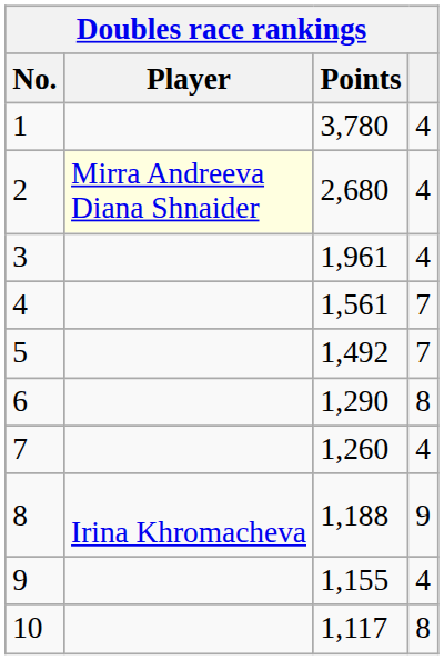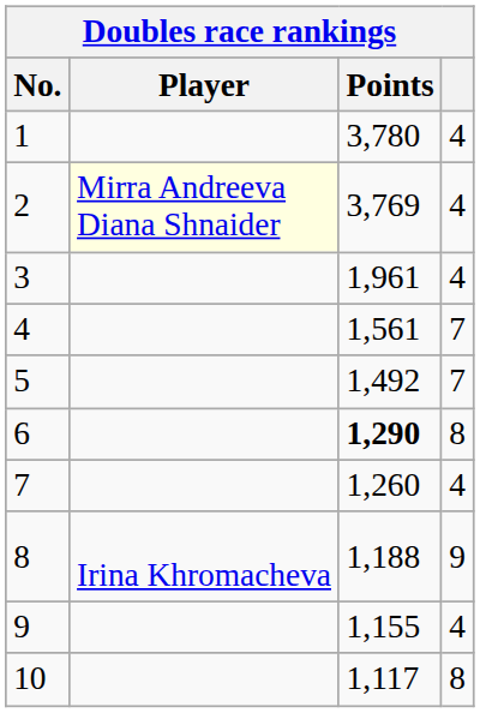 <table class="wikitable nowrap defaultcenter col2left" style="display:inline-table">
 <tr>
 <th scope="col" colspan=4><a href='#'>Doubles race rankings</a> </th>
 </tr>
 <tr>
 <th scope="col">No.</th>
 <th scope="col">Player</th>
 <th scope="col">Points</th>
 <th scope="col"></th>
 </tr>
 <tr>
 <td>1</td>
 <td> <br> </td>
 <td>3,780</td>
 <td>4</td>
 </tr>
 <tr>
 <td>2</td>
 <td style="background: lightyellow;"> <a href='#'>Mirra Andreeva</a> <br>  <a href='#'>Diana Shnaider</a></td>
-<td>2,680</td>
+<td>3,769</td>
 <td>4</td>
 </tr>
 <tr>
 <td>3</td>
 <td> <br> </td>
 <td>1,961</td>
 <td>4</td>
 </tr>
 <tr>
 <td>4</td>
 <td> <br> </td>
 <td>1,561</td>
 <td>7</td>
 </tr>
 <tr>
 <td>5</td>
 <td> <br> </td>
 <td>1,492</td>
 <td>7</td>
 </tr>
 <tr>
 <td>6</td>
 <td> <br> </td>
-<td>1,290</td>
+<td><strong>1,290</strong></td>
 <td>8</td>
 </tr>
 <tr>
 <td>7</td>
 <td> <br> </td>
 <td>1,260</td>
 <td>4</td>
 </tr>
 <tr>
 <td>8</td>
 <td> <br>  <a href='#'>Irina Khromacheva</a></td>
 <td>1,188</td>
 <td>9</td>
 </tr>
 <tr>
 <td>9</td>
 <td> <br> </td>
 <td>1,155</td>
 <td>4</td>
 </tr>
 <tr>
 <td>10</td>
 <td> <br> </td>
 <td>1,117</td>
 <td>8</td>
 </tr>
 </table>
